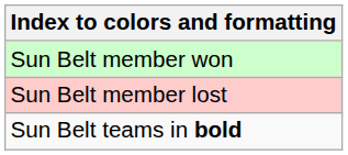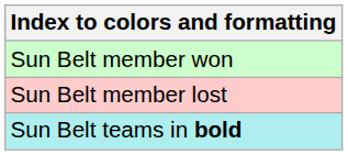 <table class="wikitable">
 <tr>
 <th>Index to colors and formatting</th>
 </tr>
 <tr bgcolor=#ccffcc>
 <td>Sun Belt member won</td>
 </tr>
 <tr bgcolor=#ffcccc>
 <td>Sun Belt member lost</td>
 </tr>
 <tr>
-<td>Sun Belt teams in <strong>bold</strong></td>
+<td style="background: paleturquoise;">Sun Belt teams in <strong>bold</strong></td>
 </tr>
 </table>
